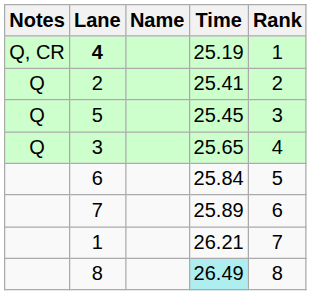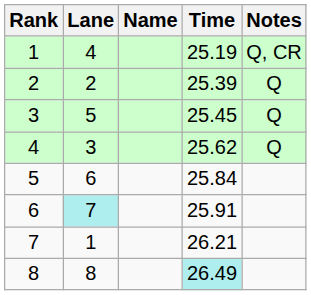 <table class="wikitable sortable" style="text-align:center">
 <tr>
-<th>Notes</th>
+<th>Rank</th>
 <th>Lane</th>
 <th>Name</th>
 <th>Time</th>
-<th>Rank</th>
+<th>Notes</th>
 </tr>
 <tr bgcolor=ccffcc>
-<td>Q, CR</td>
-<td><strong>4</strong></td>
+<td>1</td>
+<td>4</td>
 <td align=left></td>
 <td>25.19</td>
-<td>1</td>
+<td>Q, CR</td>
 </tr>
 <tr bgcolor=ccffcc>
-<td>Q</td>
+<td>2</td>
 <td>2</td>
 <td align=left></td>
-<td>25.41</td>
-<td>2</td>
+<td>25.39</td>
+<td>Q</td>
 </tr>
 <tr bgcolor=ccffcc>
-<td>Q</td>
+<td>3</td>
 <td>5</td>
 <td align=left></td>
 <td>25.45</td>
-<td>3</td>
+<td>Q</td>
 </tr>
 <tr bgcolor=ccffcc>
-<td>Q</td>
+<td>4</td>
 <td>3</td>
 <td align=left></td>
-<td>25.65</td>
-<td>4</td>
+<td>25.62</td>
+<td>Q</td>
 </tr>
 <tr>
-<td></td>
+<td>5</td>
 <td>6</td>
 <td align=left></td>
 <td>25.84</td>
-<td>5</td>
+<td></td>
 </tr>
 <tr>
+<td>6</td>
+<td style="background: paleturquoise;">7</td>
+<td align=left></td>
+<td>25.91</td>
 <td></td>
-<td>7</td>
-<td align=left></td>
-<td>25.89</td>
-<td>6</td>
 </tr>
 <tr>
-<td></td>
+<td>7</td>
 <td>1</td>
 <td align=left></td>
 <td>26.21</td>
-<td>7</td>
+<td></td>
 </tr>
 <tr>
-<td></td>
+<td>8</td>
 <td>8</td>
 <td align=left></td>
 <td style="background: paleturquoise;">26.49</td>
-<td>8</td>
+<td></td>
 </tr>
 </table>
